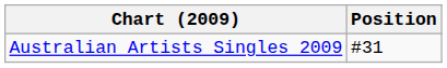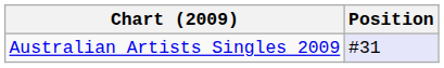 <table class="wikitable">
 <tr>
 <th>Chart (2009)</th>
 <th>Position</th>
 </tr>
 <tr>
 <td><a href='#'>Australian Artists Singles 2009</a></td>
-<td>#31</td>
+<td style="background: lavender;">#31</td>
 </tr>
 </table>
